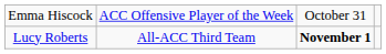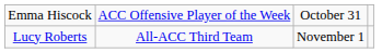 <table class="wikitable sortable" style="text-align: center">
 <tr>
 <td>Emma Hiscock</td>
 <td><a href='#'>ACC Offensive Player of the Week</a></td>
 <td>October 31</td>
 <td></td>
 </tr>
 <tr>
 <td><a href='#'>Lucy Roberts</a></td>
 <td><a href='#'>All-ACC Third Team</a></td>
-<td><strong>November 1</strong></td>
+<td>November 1</td>
 <td></td>
 </tr>
 </table>
